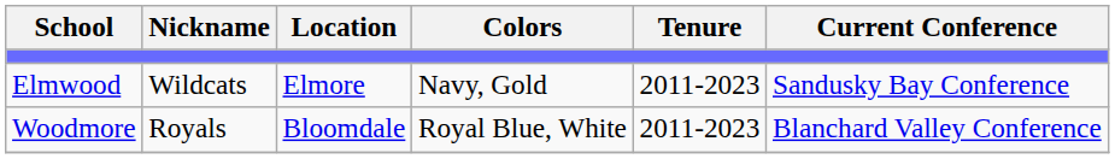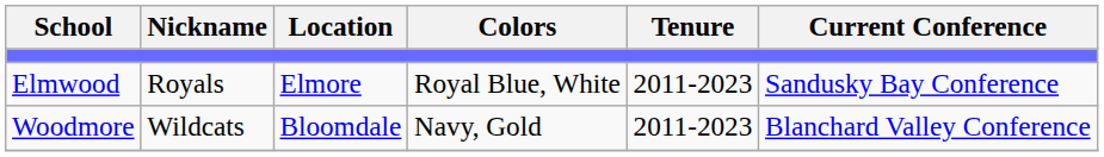 <table class="wikitable sortable">
 <tr>
 <th>School</th>
 <th>Nickname</th>
 <th>Location</th>
 <th>Colors</th>
 <th>Tenure</th>
 <th>Current Conference</th>
 </tr>
 <tr>
 <th colspan="10" style="background:#676AFE;"></th>
 </tr>
 <tr>
 <td><a href='#'>Elmwood</a></td>
-<td>Wildcats</td>
+<td>Royals</td>
 <td><a href='#'>Elmore</a></td>
-<td>Navy, Gold <br>  </td>
+<td>Royal Blue, White<br> </td>
 <td>2011-2023</td>
 <td><a href='#'>Sandusky Bay Conference</a></td>
 </tr>
 <tr>
 <td><a href='#'>Woodmore</a></td>
-<td>Royals</td>
+<td>Wildcats</td>
 <td><a href='#'>Bloomdale</a></td>
-<td>Royal Blue, White<br> </td>
+<td>Navy, Gold <br>  </td>
 <td>2011-2023</td>
 <td><a href='#'>Blanchard Valley Conference</a></td>
 </tr>
 <tr>
 </tr>
 </table>
